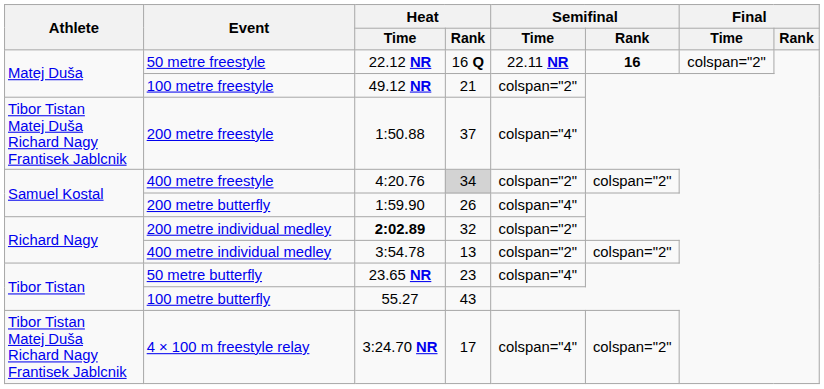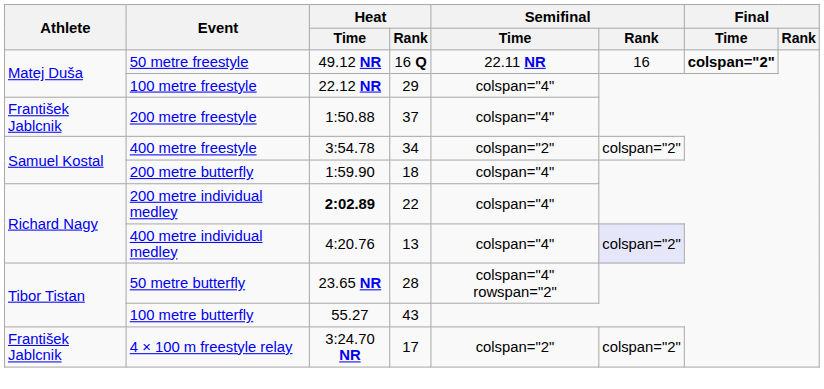 <table class="wikitable" style="text-align:center; font-size:90%; width:50%;">
 <tr>
 <th rowspan="2">Athlete</th>
 <th rowspan="2">Event</th>
 <th colspan="2">Heat</th>
 <th colspan="2">Semifinal</th>
 <th colspan="2">Final</th>
 </tr>
 <tr style="font-size:95%">
 <th>Time</th>
 <th>Rank</th>
 <th>Time</th>
 <th>Rank</th>
 <th>Time</th>
 <th>Rank</th>
 </tr>
 <tr align=center>
 <td align=left rowspan="2"><a href='#'>Matej Duša</a></td>
 <td align=left><a href='#'>50 metre freestyle</a></td>
-<td>22.12 <strong><a href='#'>NR</a></strong></td>
+<td>49.12 <strong><a href='#'>NR</a></strong></td>
 <td>16 <strong>Q</strong></td>
 <td>22.11 <strong><a href='#'>NR</a></strong></td>
-<td><strong>16</strong></td>
-<td>colspan="2" </td>
+<td>16</td>
+<td><strong>colspan="2" </strong></td>
 </tr>
 <tr align=center>
 <td align=left><a href='#'>100 metre freestyle</a></td>
-<td>49.12 <strong><a href='#'>NR</a></strong></td>
-<td>21</td>
-<td>colspan="2" </td>
+<td>22.12 <strong><a href='#'>NR</a></strong></td>
+<td>29</td>
+<td>colspan="4" </td>
 </tr>
 <tr align=center>
-<td align=left><a href='#'>Tibor Tistan</a>  <br><a href='#'>Matej Duša</a> <br><a href='#'>Richard Nagy</a>  <br><a href='#'>Frantisek Jablcnik</a></td>
+<td align=left><a href='#'>František Jablcnik</a></td>
 <td align=left><a href='#'>200 metre freestyle</a></td>
 <td>1:50.88</td>
 <td>37</td>
 <td>colspan="4" </td>
 </tr>
 <tr align=center>
 <td align=left rowspan="2"><a href='#'>Samuel Kostal</a></td>
 <td align=left><a href='#'>400 metre freestyle</a></td>
-<td>4:20.76</td>
-<td style="background: lightgrey;">34</td>
+<td>3:54.78</td>
+<td>34</td>
 <td>colspan="2" </td>
 <td>colspan="2" </td>
 </tr>
 <tr align=center>
 <td align=left><a href='#'>200 metre butterfly</a></td>
 <td>1:59.90</td>
-<td>26</td>
+<td>18</td>
 <td>colspan="4" </td>
 </tr>
 <tr align=center>
 <td align=left rowspan="2"><a href='#'>Richard Nagy</a></td>
 <td align=left><a href='#'>200 metre individual medley</a></td>
 <td><strong>2:02.89</strong></td>
-<td>32</td>
-<td>colspan="2" </td>
+<td>22</td>
+<td>colspan="4" </td>
 </tr>
 <tr align=center>
 <td align=left><a href='#'>400 metre individual medley</a></td>
-<td>3:54.78</td>
+<td>4:20.76</td>
 <td>13</td>
-<td>colspan="2" </td>
-<td>colspan="2" </td>
+<td>colspan="4" </td>
+<td style="background: lavender;">colspan="2" </td>
 </tr>
 <tr align=center>
 <td align=left rowspan="2"><a href='#'>Tibor Tistan</a></td>
 <td align=left><a href='#'>50 metre butterfly</a></td>
 <td>23.65 <strong><a href='#'>NR</a></strong></td>
-<td>23</td>
-<td>colspan="4" </td>
+<td>28</td>
+<td>colspan="4" rowspan="2"</td>
 </tr>
 <tr align=center>
 <td align=left><a href='#'>100 metre butterfly</a></td>
 <td>55.27</td>
 <td>43</td>
 </tr>
 <tr>
-<td align=left><a href='#'>Tibor Tistan</a>  <br><a href='#'>Matej Duša</a> <br><a href='#'>Richard Nagy</a>  <br><a href='#'>Frantisek Jablcnik</a></td>
+<td align=left><a href='#'>František Jablcnik</a></td>
 <td align=left><a href='#'>4 × 100 m freestyle relay</a></td>
 <td>3:24.70 <strong><a href='#'>NR</a></strong></td>
 <td>17</td>
-<td>colspan="4" </td>
+<td>colspan="2" </td>
 <td>colspan="2"  </td>
 </tr>
 </table>
